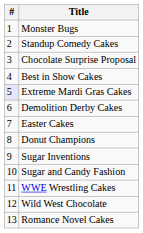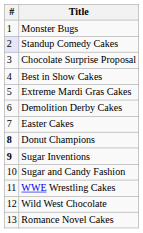 <table class="wikitable">
 <tr>
 <th>#</th>
 <th>Title</th>
 </tr>
 <tr>
 <td>1</td>
 <td>Monster Bugs</td>
 </tr>
 <tr>
-<td>2</td>
+<td style="background: lavender;">2</td>
 <td>Standup Comedy Cakes</td>
 </tr>
 <tr>
 <td>3</td>
 <td>Chocolate Surprise Proposal</td>
 </tr>
 <tr>
 <td>4</td>
 <td>Best in Show Cakes</td>
 </tr>
 <tr>
-<td style="background: lavender;">5</td>
+<td>5</td>
 <td>Extreme Mardi Gras Cakes</td>
 </tr>
 <tr>
 <td>6</td>
 <td>Demolition Derby Cakes</td>
 </tr>
 <tr>
 <td>7</td>
 <td>Easter Cakes</td>
 </tr>
 <tr>
-<td>8</td>
+<td><strong>8</strong></td>
 <td>Donut Champions</td>
 </tr>
 <tr>
-<td>9</td>
+<td><strong>9</strong></td>
 <td>Sugar Inventions</td>
 </tr>
 <tr>
 <td>10</td>
 <td>Sugar and Candy Fashion</td>
 </tr>
 <tr>
 <td>11</td>
 <td><a href='#'>WWE</a> Wrestling Cakes</td>
 </tr>
 <tr>
 <td>12</td>
 <td>Wild West Chocolate</td>
 </tr>
 <tr>
 <td>13</td>
 <td>Romance Novel Cakes</td>
 </tr>
 </table>
